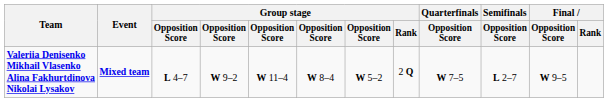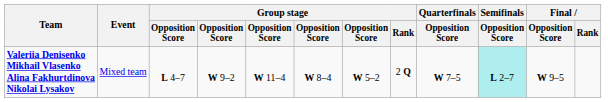 <table class="wikitable" style="font-size:90%; text-align:center;">
 <tr>
 <th rowspan=2>Team</th>
 <th rowspan=2>Event</th>
 <th colspan=6>Group stage</th>
 <th>Quarterfinals</th>
 <th>Semifinals</th>
 <th colspan=2>Final / </th>
 </tr>
 <tr style="font-size:95%">
 <th>Opposition<br>Score</th>
 <th>Opposition<br>Score</th>
 <th>Opposition<br>Score</th>
 <th>Opposition<br>Score</th>
 <th>Opposition<br>Score</th>
 <th>Rank</th>
 <th>Opposition<br>Score</th>
 <th>Opposition<br>Score</th>
 <th>Opposition<br>Score</th>
 <th>Rank</th>
 </tr>
 <tr>
 <td align=left><strong><a href='#'>Valeriia Denisenko</a><br><a href='#'>Mikhail Vlasenko</a><br><a href='#'>Alina Fakhurtdinova</a><br><a href='#'>Nikolai Lysakov</a></strong></td>
-<td align=left><strong><a href='#'>Mixed team</a></strong></td>
+<td align=left><a href='#'>Mixed team</a></td>
 <td><br><strong>L</strong> 4–7</td>
 <td><br><strong>W</strong> 9–2</td>
 <td><br><strong>W</strong> 11–4</td>
 <td><br><strong>W</strong> 8–4</td>
 <td><br><strong>W</strong> 5–2</td>
 <td>2 <strong>Q</strong></td>
 <td><br><strong>W</strong> 7–5</td>
-<td><br><strong>L</strong> 2–7</td>
+<td style="background: paleturquoise;"><br><strong>L</strong> 2–7</td>
 <td><br><strong>W</strong> 9–5</td>
 <td></td>
 </tr>
 </table>
